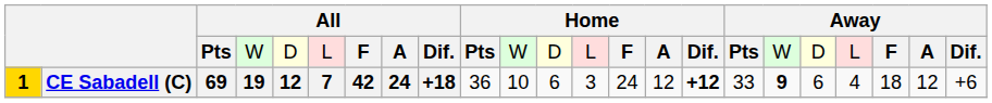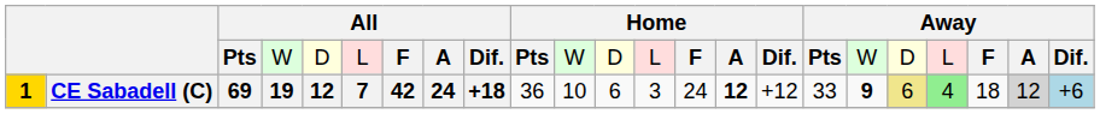 <table class="wikitable" style="font-size: 90%">
 <tr>
 <th rowspan="2" colspan="2"></th>
 <th colspan="7">All</th>
 <th colspan="7">Home</th>
 <th colspan="7">Away</th>
 </tr>
 <tr>
 <th width="20">Pts</th>
 <td bgcolor="#ddffdd" align="center" width="20">W</td>
 <td bgcolor="#ffffdd" align="center" width="20">D</td>
 <td bgcolor="#ffdddd" align="center" width="20">L</td>
 <th width="20">F</th>
 <th width="20">A</th>
 <th width="20">Dif.</th>
 <th width="20">Pts</th>
 <td bgcolor="#ddffdd" align="center" width="20">W</td>
 <td bgcolor="#ffffdd" align="center" width="20">D</td>
 <td bgcolor="#ffdddd" align="center" width="20">L</td>
 <th width="20">F</th>
 <th width="20">A</th>
 <th width="20">Dif.</th>
 <th width="20">Pts</th>
 <td bgcolor="#ddffdd" align="center" width="20">W</td>
 <td bgcolor="#ffffdd" align="center" width="20">D</td>
 <td bgcolor="#ffdddd" align="center" width="20">L</td>
 <th width="20">F</th>
 <th width="20">A</th>
 <th width="20">Dif.</th>
 </tr>
 <tr>
 <td width="20" align="center" bgcolor="gold"><strong>1</strong></td>
 <th><a href='#'>CE Sabadell</a> <strong>(C)</strong></th>
 <th>69</th>
 <th>19</th>
 <th>12</th>
 <th>7</th>
 <th>42</th>
 <th>24</th>
 <th>+18</th>
 <td align="center">36</td>
 <td align="center">10</td>
 <td align="center">6</td>
 <td align="center">3</td>
 <td align="center">24</td>
-<td align="center">12</td>
-<td align="center"><strong>+12</strong></td>
+<td align="center"><strong>12</strong></td>
+<td align="center">+12</td>
 <td align="center">33</td>
 <td align="center"><strong>9</strong></td>
-<td align="center">6</td>
-<td align="center">4</td>
+<td align="center" style="background: khaki;">6</td>
+<td align="center" style="background: lightgreen;">4</td>
 <td align="center">18</td>
-<td align="center">12</td>
-<td align="center">+6</td>
+<td align="center" style="background: lightgrey;">12</td>
+<td align="center" style="background: lightblue;">+6</td>
 </tr>
 <tr>
 </tr>
 </table>
